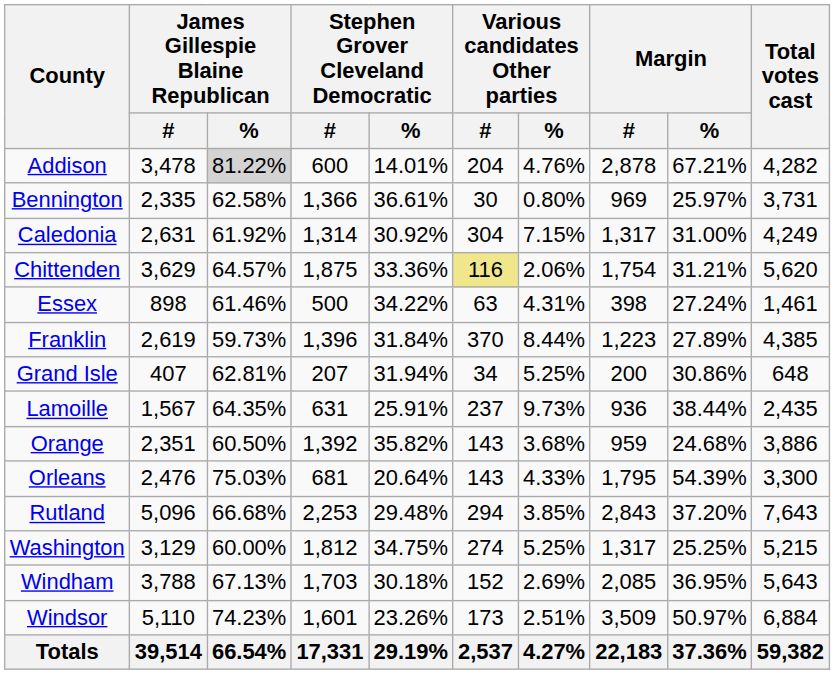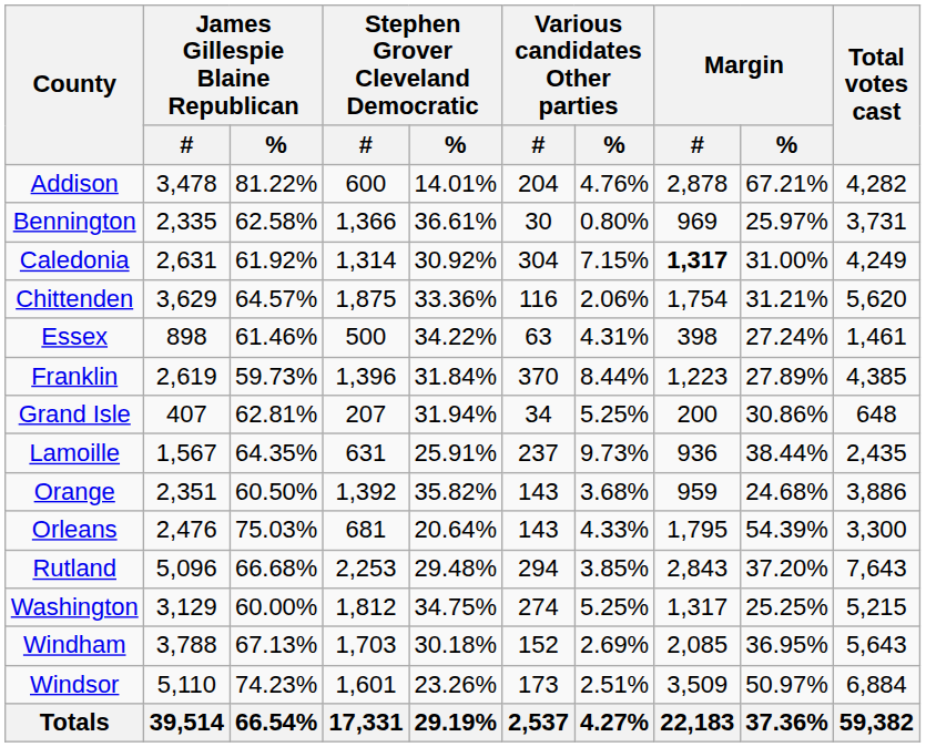 <table width="65%"  class="wikitable sortable" style="text-align:center">
 <tr>
 <th colspan="1" rowspan="2">County</th>
 <th style="text-align:center;" colspan="2">James Gillespie Blaine<br>Republican</th>
 <th style="text-align:center;" colspan="2">Stephen Grover Cleveland<br>Democratic</th>
 <th style="text-align:center;" colspan="2">Various candidates<br>Other parties</th>
 <th style="text-align:center;" colspan="2">Margin</th>
 <th colspan="1" rowspan="2" style="text-align:center;">Total votes cast</th>
 </tr>
 <tr>
 <th style="text-align:center;" data-sort-type="number">#</th>
 <th style="text-align:center;" data-sort-type="number">%</th>
 <th style="text-align:center;" data-sort-type="number">#</th>
 <th style="text-align:center;" data-sort-type="number">%</th>
 <th style="text-align:center;" data-sort-type="number">#</th>
 <th style="text-align:center;" data-sort-type="number">%</th>
 <th style="text-align:center;" data-sort-type="number">#</th>
 <th style="text-align:center;" data-sort-type="number">%</th>
 </tr>
 <tr style="text-align:center;">
 <td><a href='#'>Addison</a></td>
 <td>3,478</td>
-<td style="background: lightgrey;">81.22%</td>
+<td>81.22%</td>
 <td>600</td>
 <td>14.01%</td>
 <td>204</td>
 <td>4.76%</td>
 <td>2,878</td>
 <td>67.21%</td>
 <td>4,282</td>
 </tr>
 <tr style="text-align:center;">
 <td><a href='#'>Bennington</a></td>
 <td>2,335</td>
 <td>62.58%</td>
 <td>1,366</td>
 <td>36.61%</td>
 <td>30</td>
 <td>0.80%</td>
 <td>969</td>
 <td>25.97%</td>
 <td>3,731</td>
 </tr>
 <tr style="text-align:center;">
 <td><a href='#'>Caledonia</a></td>
 <td>2,631</td>
 <td>61.92%</td>
 <td>1,314</td>
 <td>30.92%</td>
 <td>304</td>
 <td>7.15%</td>
-<td>1,317</td>
+<td><strong>1,317</strong></td>
 <td>31.00%</td>
 <td>4,249</td>
 </tr>
 <tr style="text-align:center;">
 <td><a href='#'>Chittenden</a></td>
 <td>3,629</td>
 <td>64.57%</td>
 <td>1,875</td>
 <td>33.36%</td>
-<td style="background: khaki;">116</td>
+<td>116</td>
 <td>2.06%</td>
 <td>1,754</td>
 <td>31.21%</td>
 <td>5,620</td>
 </tr>
 <tr style="text-align:center;">
 <td><a href='#'>Essex</a></td>
 <td>898</td>
 <td>61.46%</td>
 <td>500</td>
 <td>34.22%</td>
 <td>63</td>
 <td>4.31%</td>
 <td>398</td>
 <td>27.24%</td>
 <td>1,461</td>
 </tr>
 <tr style="text-align:center;">
 <td><a href='#'>Franklin</a></td>
 <td>2,619</td>
 <td>59.73%</td>
 <td>1,396</td>
 <td>31.84%</td>
 <td>370</td>
 <td>8.44%</td>
 <td>1,223</td>
 <td>27.89%</td>
 <td>4,385</td>
 </tr>
 <tr style="text-align:center;">
 <td><a href='#'>Grand Isle</a></td>
 <td>407</td>
 <td>62.81%</td>
 <td>207</td>
 <td>31.94%</td>
 <td>34</td>
 <td>5.25%</td>
 <td>200</td>
 <td>30.86%</td>
 <td>648</td>
 </tr>
 <tr style="text-align:center;">
 <td><a href='#'>Lamoille</a></td>
 <td>1,567</td>
 <td>64.35%</td>
 <td>631</td>
 <td>25.91%</td>
 <td>237</td>
 <td>9.73%</td>
 <td>936</td>
 <td>38.44%</td>
 <td>2,435</td>
 </tr>
 <tr style="text-align:center;">
 <td><a href='#'>Orange</a></td>
 <td>2,351</td>
 <td>60.50%</td>
 <td>1,392</td>
 <td>35.82%</td>
 <td>143</td>
 <td>3.68%</td>
 <td>959</td>
 <td>24.68%</td>
 <td>3,886</td>
 </tr>
 <tr style="text-align:center;">
 <td><a href='#'>Orleans</a></td>
 <td>2,476</td>
 <td>75.03%</td>
 <td>681</td>
 <td>20.64%</td>
 <td>143</td>
 <td>4.33%</td>
 <td>1,795</td>
 <td>54.39%</td>
 <td>3,300</td>
 </tr>
 <tr style="text-align:center;">
 <td><a href='#'>Rutland</a></td>
 <td>5,096</td>
 <td>66.68%</td>
 <td>2,253</td>
 <td>29.48%</td>
 <td>294</td>
 <td>3.85%</td>
 <td>2,843</td>
 <td>37.20%</td>
 <td>7,643</td>
 </tr>
 <tr style="text-align:center;">
 <td><a href='#'>Washington</a></td>
 <td>3,129</td>
 <td>60.00%</td>
 <td>1,812</td>
 <td>34.75%</td>
 <td>274</td>
 <td>5.25%</td>
 <td>1,317</td>
 <td>25.25%</td>
 <td>5,215</td>
 </tr>
 <tr style="text-align:center;">
 <td><a href='#'>Windham</a></td>
 <td>3,788</td>
 <td>67.13%</td>
 <td>1,703</td>
 <td>30.18%</td>
 <td>152</td>
 <td>2.69%</td>
 <td>2,085</td>
 <td>36.95%</td>
 <td>5,643</td>
 </tr>
 <tr style="text-align:center;">
 <td><a href='#'>Windsor</a></td>
 <td>5,110</td>
 <td>74.23%</td>
 <td>1,601</td>
 <td>23.26%</td>
 <td>173</td>
 <td>2.51%</td>
 <td>3,509</td>
 <td>50.97%</td>
 <td>6,884</td>
 </tr>
 <tr style="text-align:center;">
 <th>Totals</th>
 <th>39,514</th>
 <th>66.54%</th>
 <th>17,331</th>
 <th>29.19%</th>
 <th>2,537</th>
 <th>4.27%</th>
 <th>22,183</th>
 <th>37.36%</th>
 <th>59,382</th>
 </tr>
 </table>
